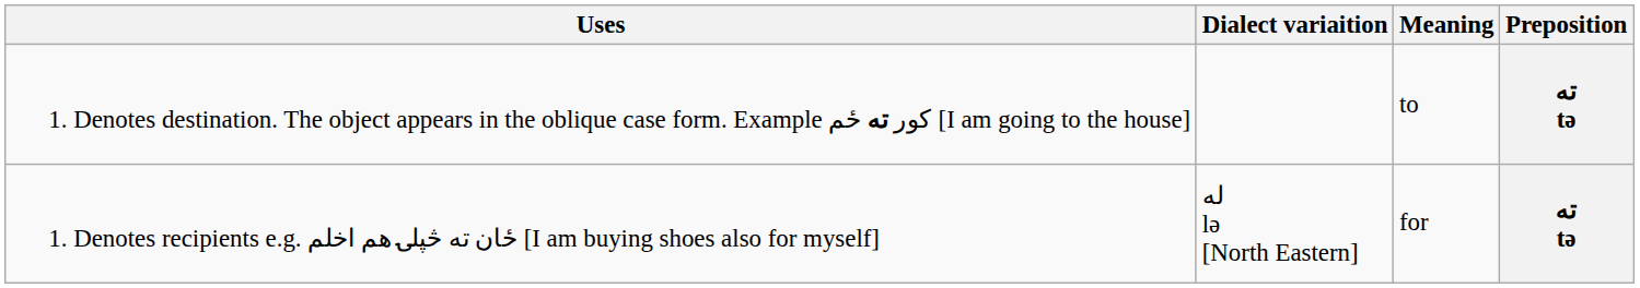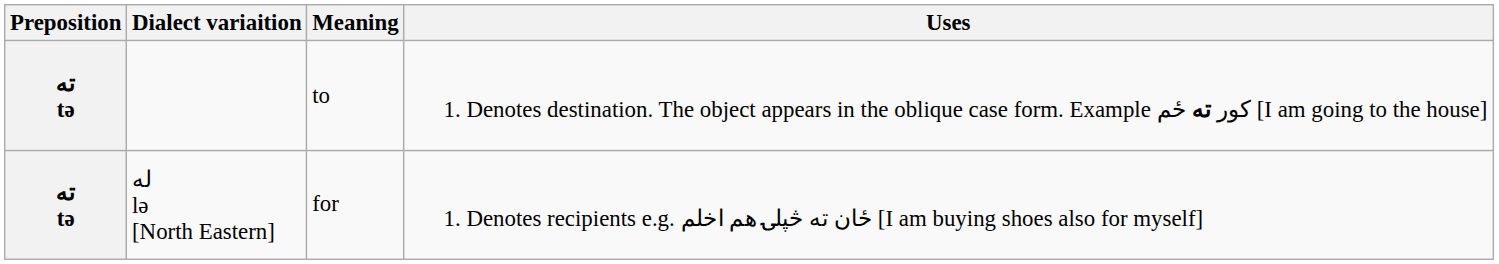 <table class="wikitable">
 <tr>
-<th>Uses</th>
+<th>Preposition</th>
 <th>Dialect variaition</th>
 <th>Meaning</th>
-<th>Preposition</th>
+<th>Uses</th>
 </tr>
 <tr>
-<td><br><ol><li>Denotes destination. The object appears in the oblique case form. Example کور <strong>ته</strong> ځم [I am going to the house]</li></ol></td>
+<th>ته<br>tə</th>
 <td></td>
 <td>to</td>
-<th>ته<br>tə</th>
+<td><br><ol><li>Denotes destination. The object appears in the oblique case form. Example کور <strong>ته</strong> ځم [I am going to the house]</li></ol></td>
 </tr>
 <tr>
-<td><br><ol><li>Denotes recipients e.g. ځان ته څپلۍ هم اخلم [I am buying shoes also for myself]</li></ol></td>
+<th>ته<br>tə</th>
 <td>له<br>lə<br>[North Eastern]</td>
 <td>for</td>
-<th>ته<br>tə</th>
+<td><br><ol><li>Denotes recipients e.g. ځان ته څپلۍ هم اخلم [I am buying shoes also for myself]</li></ol></td>
 </tr>
 </table>
